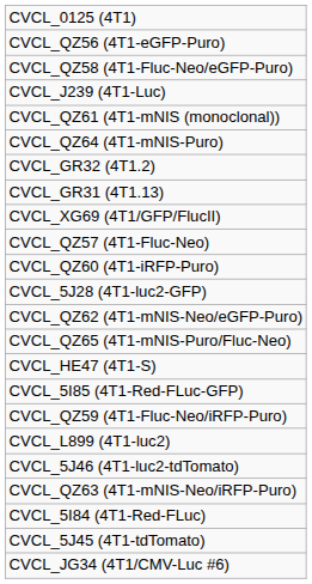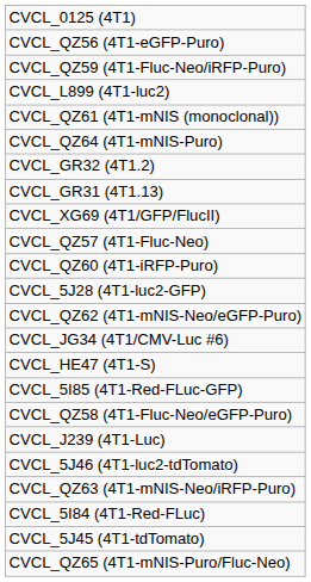 <table class="wikitable">
 <tr>
 <td>CVCL_0125 (4T1)</td>
 </tr>
 <tr>
 <td>CVCL_QZ56 (4T1-eGFP-Puro)</td>
 </tr>
 <tr>
-<td>CVCL_QZ58 (4T1-Fluc-Neo/eGFP-Puro)</td>
+<td>CVCL_QZ59 (4T1-Fluc-Neo/iRFP-Puro)</td>
 </tr>
 <tr>
-<td>CVCL_J239 (4T1-Luc)</td>
+<td>CVCL_L899 (4T1-luc2)</td>
 </tr>
 <tr>
 <td>CVCL_QZ61 (4T1-mNIS (monoclonal))</td>
 </tr>
 <tr>
 <td>CVCL_QZ64 (4T1-mNIS-Puro)</td>
 </tr>
 <tr>
 <td>CVCL_GR32 (4T1.2)</td>
 </tr>
 <tr>
 <td>CVCL_GR31 (4T1.13)</td>
 </tr>
 <tr>
 <td>CVCL_XG69 (4T1/GFP/FlucII)</td>
 </tr>
 <tr>
 <td>CVCL_QZ57 (4T1-Fluc-Neo)</td>
 </tr>
 <tr>
 <td>CVCL_QZ60 (4T1-iRFP-Puro)</td>
 </tr>
 <tr>
 <td>CVCL_5J28 (4T1-luc2-GFP)</td>
 </tr>
 <tr>
 <td>CVCL_QZ62 (4T1-mNIS-Neo/eGFP-Puro)</td>
 </tr>
 <tr>
-<td>CVCL_QZ65 (4T1-mNIS-Puro/Fluc-Neo)</td>
+<td>CVCL_JG34 (4T1/CMV-Luc #6)</td>
 </tr>
 <tr>
 <td>CVCL_HE47 (4T1-S)</td>
 </tr>
 <tr>
 <td>CVCL_5I85 (4T1-Red-FLuc-GFP)</td>
 </tr>
 <tr>
-<td>CVCL_QZ59 (4T1-Fluc-Neo/iRFP-Puro)</td>
+<td>CVCL_QZ58 (4T1-Fluc-Neo/eGFP-Puro)</td>
 </tr>
 <tr>
-<td>CVCL_L899 (4T1-luc2)</td>
+<td>CVCL_J239 (4T1-Luc)</td>
 </tr>
 <tr>
 <td>CVCL_5J46 (4T1-luc2-tdTomato)</td>
 </tr>
 <tr>
 <td>CVCL_QZ63 (4T1-mNIS-Neo/iRFP-Puro)</td>
 </tr>
 <tr>
 <td>CVCL_5I84 (4T1-Red-FLuc)</td>
 </tr>
 <tr>
 <td>CVCL_5J45 (4T1-tdTomato)</td>
 </tr>
 <tr>
-<td>CVCL_JG34 (4T1/CMV-Luc #6)</td>
+<td>CVCL_QZ65 (4T1-mNIS-Puro/Fluc-Neo)</td>
 </tr>
 </table>
